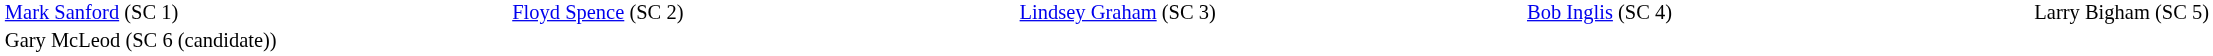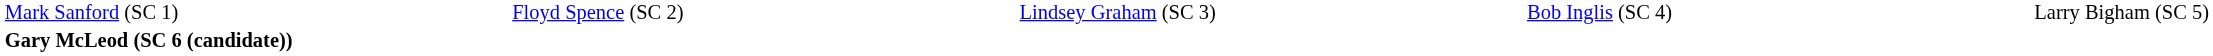 <table width="100%">
 <tr>
 <td width="20%"><a href='#'>Mark Sanford</a> (SC 1)</td>
 <td width="20%"><a href='#'>Floyd Spence</a> (SC 2)</td>
 <td width="20%"><a href='#'>Lindsey Graham</a> (SC 3)</td>
 <td width="20%"><a href='#'>Bob Inglis</a> (SC 4)</td>
 <td width="20%">Larry Bigham (SC 5)</td>
 </tr>
 <tr>
-<td>Gary McLeod (SC 6 (candidate))</td>
+<td><strong>Gary McLeod (SC 6 (candidate))</strong></td>
 </tr>
 </table>
